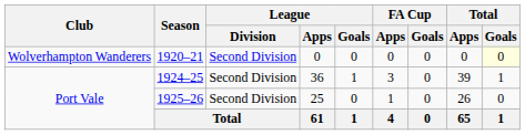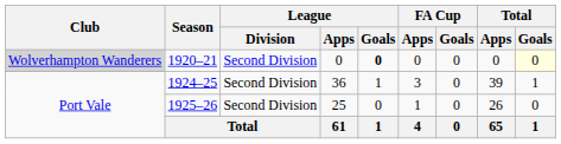 <table class="wikitable" style="text-align: center;">
 <tr>
 <th rowspan="2">Club</th>
 <th rowspan="2">Season</th>
 <th colspan="3">League</th>
 <th colspan="2">FA Cup</th>
 <th colspan="2">Total</th>
 </tr>
 <tr>
 <th>Division</th>
 <th>Apps</th>
 <th>Goals</th>
 <th>Apps</th>
 <th>Goals</th>
 <th>Apps</th>
 <th>Goals</th>
 </tr>
 <tr>
-<td><a href='#'>Wolverhampton Wanderers</a></td>
+<td style="background: lightgrey;"><a href='#'>Wolverhampton Wanderers</a></td>
 <td><a href='#'>1920–21</a></td>
 <td><a href='#'>Second Division</a></td>
 <td>0</td>
-<td>0</td>
+<td><strong>0</strong></td>
 <td>0</td>
 <td>0</td>
 <td>0</td>
 <td style="background: lightyellow;">0</td>
 </tr>
 <tr>
 <td rowspan="3"><a href='#'>Port Vale</a></td>
 <td><a href='#'>1924–25</a></td>
 <td>Second Division</td>
 <td>36</td>
 <td>1</td>
 <td>3</td>
 <td>0</td>
 <td>39</td>
 <td>1</td>
 </tr>
 <tr>
 <td><a href='#'>1925–26</a></td>
 <td>Second Division</td>
 <td>25</td>
 <td>0</td>
 <td>1</td>
 <td>0</td>
 <td>26</td>
 <td>0</td>
 </tr>
 <tr>
 <th colspan="2">Total</th>
 <th>61</th>
 <th>1</th>
 <th>4</th>
 <th>0</th>
 <th>65</th>
 <th>1</th>
 </tr>
 </table>
